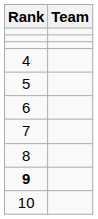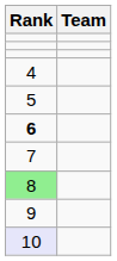 <table class="wikitable" style="font-size:95%" style="width:25em;">
 <tr>
 <th>Rank</th>
 <th>Team</th>
 </tr>
 <tr>
 <td align="center"></td>
 <td></td>
 </tr>
 <tr>
 <td align="center"></td>
 <td></td>
 </tr>
 <tr>
 <td align="center"></td>
 <td></td>
 </tr>
 <tr>
 <td align="center">4</td>
 <td></td>
 </tr>
 <tr>
 <td align="center">5</td>
 <td></td>
 </tr>
 <tr>
-<td align="center">6</td>
+<td align="center"><strong>6</strong></td>
 <td></td>
 </tr>
 <tr>
 <td align="center">7</td>
 <td></td>
 </tr>
 <tr>
-<td align="center">8</td>
+<td align="center" style="background: lightgreen;">8</td>
 <td></td>
 </tr>
 <tr>
-<td align="center"><strong>9</strong></td>
+<td align="center">9</td>
 <td></td>
 </tr>
 <tr>
-<td align="center">10</td>
+<td align="center" style="background: lavender;">10</td>
 <td></td>
 </tr>
 </table>
